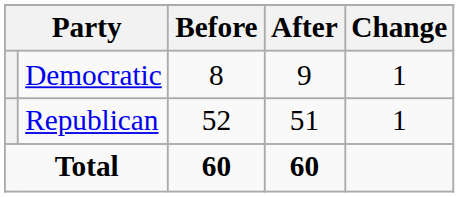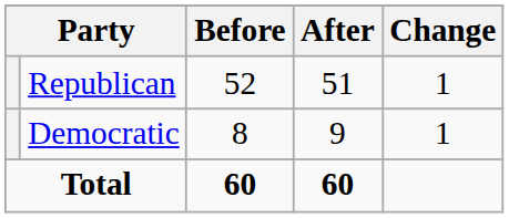 <table class="wikitable" style="text-align:center;">
 <tr>
 </tr>
 <tr>
 <th colspan=2>Party</th>
 <th>Before</th>
 <th>After</th>
 <th>Change</th>
 </tr>
 <tr>
 <th style="background-color:"></th>
-<td style="text-align:left;"><a href='#'>Democratic</a></td>
-<td>8</td>
-<td>9</td>
+<td style="text-align:left;"><a href='#'>Republican</a></td>
+<td>52</td>
+<td>51</td>
 <td> 1</td>
 </tr>
 <tr>
 <th style="background-color:"></th>
-<td style="text-align:left;"><a href='#'>Republican</a></td>
-<td>52</td>
-<td>51</td>
+<td style="text-align:left;"><a href='#'>Democratic</a></td>
+<td>8</td>
+<td>9</td>
 <td> 1</td>
 </tr>
 <tr>
 <td colspan=2><strong>Total</strong></td>
 <td><strong>60</strong></td>
 <td><strong>60</strong></td>
 <td></td>
 </tr>
 </table>
